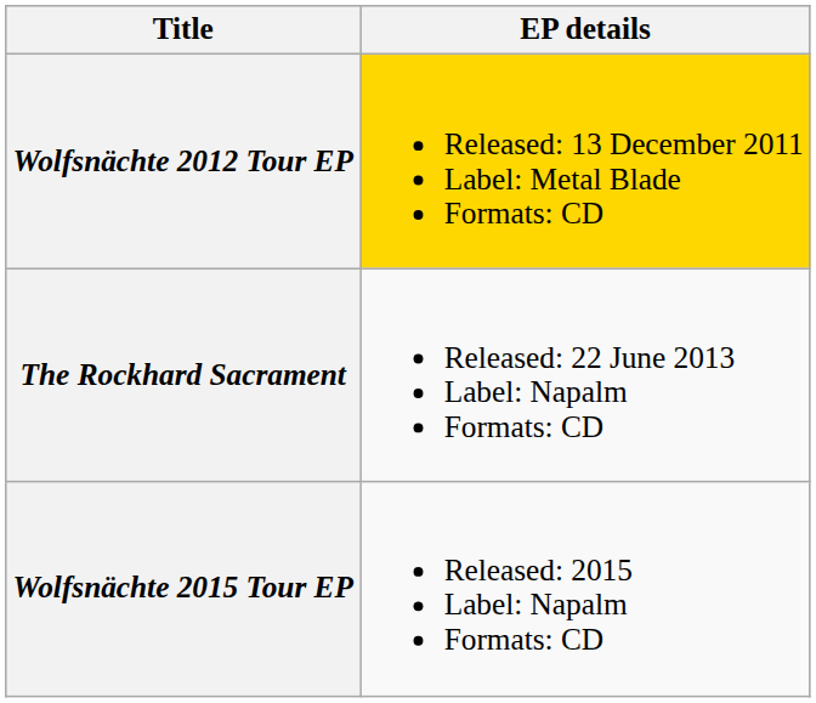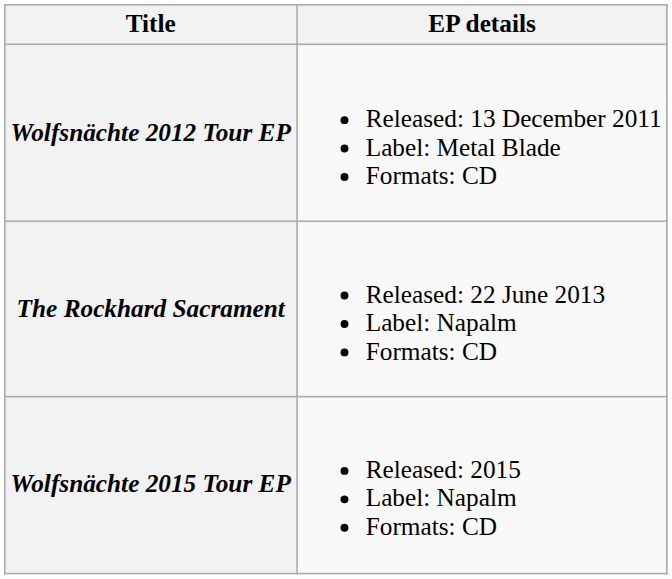 <table class="wikitable plainrowheaders">
 <tr>
 <th>Title</th>
 <th>EP details</th>
 </tr>
 <tr>
 <th scope="row"><em>Wolfsnächte 2012 Tour EP</em></th>
-<td style="background: gold;"><br><ul><li>Released: 13 December 2011</li><li>Label: Metal Blade</li><li>Formats: CD</li></ul></td>
+<td><br><ul><li>Released: 13 December 2011</li><li>Label: Metal Blade</li><li>Formats: CD</li></ul></td>
 </tr>
 <tr>
 <th scope="row"><em>The Rockhard Sacrament</em></th>
 <td><br><ul><li>Released: 22 June 2013</li><li>Label: Napalm</li><li>Formats: CD</li></ul></td>
 </tr>
 <tr>
 <th scope="row"><em>Wolfsnächte 2015 Tour EP</em></th>
 <td><br><ul><li>Released: 2015</li><li>Label: Napalm</li><li>Formats: CD</li></ul></td>
 </tr>
 </table>
